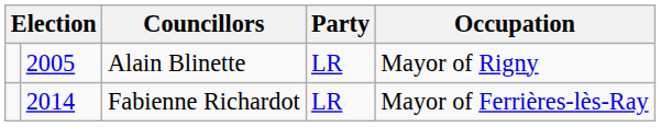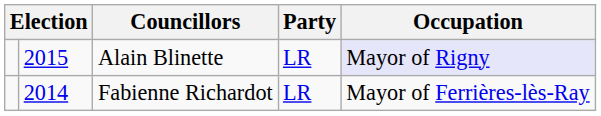 <table class="wikitable">
 <tr>
 <th colspan="2">Election</th>
 <th>Councillors</th>
 <th>Party</th>
 <th>Occupation</th>
 </tr>
 <tr>
 <td style="background-color: "></td>
-<td><a href='#'>2005</a></td>
+<td><a href='#'>2015</a></td>
 <td>Alain Blinette</td>
 <td><a href='#'>LR</a></td>
-<td>Mayor of <a href='#'>Rigny</a></td>
+<td style="background: lavender;">Mayor of <a href='#'>Rigny</a></td>
 </tr>
 <tr>
 <td style="background-color: "></td>
 <td><a href='#'>2014</a></td>
 <td>Fabienne Richardot</td>
 <td><a href='#'>LR</a></td>
 <td>Mayor of <a href='#'>Ferrières-lès-Ray</a></td>
 </tr>
 </table>
